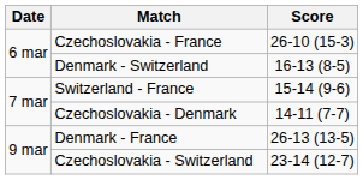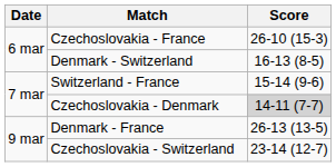 <table class="wikitable" style="text-align:center;">
 <tr>
 <th>Date</th>
 <th width=220px>Match</th>
 <th>Score</th>
 </tr>
 <tr>
 <td rowspan="2">6 mar</td>
 <td align="left">Czechoslovakia - France</td>
 <td>26-10 (15-3)</td>
 </tr>
 <tr>
 <td align="left">Denmark - Switzerland</td>
 <td>16-13 (8-5)</td>
 </tr>
 <tr>
 <td rowspan="2">7 mar</td>
 <td align="left">Switzerland - France</td>
 <td>15-14 (9-6)</td>
 </tr>
 <tr>
 <td align="left">Czechoslovakia - Denmark</td>
-<td>14-11 (7-7)</td>
+<td style="background: lightgrey;">14-11 (7-7)</td>
 </tr>
 <tr>
 <td rowspan="2">9 mar</td>
 <td align="left">Denmark - France</td>
 <td>26-13 (13-5)</td>
 </tr>
 <tr>
 <td align="left">Czechoslovakia - Switzerland</td>
 <td>23-14 (12-7)</td>
 </tr>
 </table>
